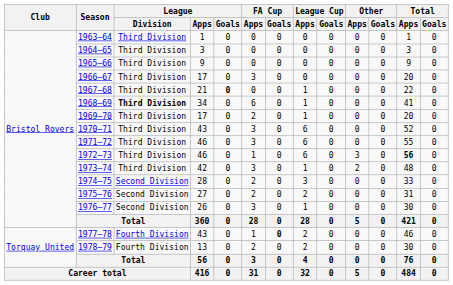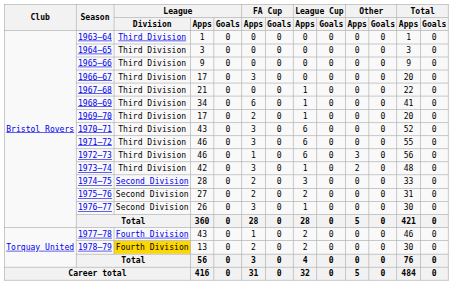 <table class="wikitable" style="text-align:center">
 <tr>
 <th rowspan=2>Club</th>
 <th rowspan=2>Season</th>
 <th colspan=3>League</th>
 <th colspan=2>FA Cup</th>
 <th colspan=2>League Cup</th>
 <th colspan=2>Other</th>
 <th colspan=2>Total</th>
 </tr>
 <tr>
 <th>Division</th>
 <th>Apps</th>
 <th>Goals</th>
 <th>Apps</th>
 <th>Goals</th>
 <th>Apps</th>
 <th>Goals</th>
 <th>Apps</th>
 <th>Goals</th>
 <th>Apps</th>
 <th>Goals</th>
 </tr>
 <tr>
 <td rowspan=15><a href='#'>Bristol Rovers</a></td>
 <td><a href='#'>1963–64</a></td>
 <td><a href='#'>Third Division</a></td>
 <td>1</td>
 <td>0</td>
 <td>0</td>
 <td>0</td>
 <td>0</td>
 <td>0</td>
 <td>0</td>
 <td>0</td>
 <td>1</td>
 <td>0</td>
 </tr>
 <tr>
 <td><a href='#'>1964–65</a></td>
 <td>Third Division</td>
 <td>3</td>
 <td>0</td>
 <td>0</td>
 <td>0</td>
 <td>0</td>
 <td>0</td>
 <td>0</td>
 <td>0</td>
 <td>3</td>
 <td>0</td>
 </tr>
 <tr>
 <td><a href='#'>1965–66</a></td>
 <td>Third Division</td>
 <td>9</td>
 <td>0</td>
 <td>0</td>
 <td>0</td>
 <td>0</td>
 <td>0</td>
 <td>0</td>
 <td>0</td>
 <td>9</td>
 <td>0</td>
 </tr>
 <tr>
 <td><a href='#'>1966–67</a></td>
 <td>Third Division</td>
 <td>17</td>
 <td>0</td>
 <td>3</td>
 <td>0</td>
 <td>0</td>
 <td>0</td>
 <td>0</td>
 <td>0</td>
 <td>20</td>
 <td>0</td>
 </tr>
 <tr>
 <td><a href='#'>1967–68</a></td>
 <td>Third Division</td>
 <td>21</td>
-<td><strong>0</strong></td>
+<td>0</td>
 <td>0</td>
 <td>0</td>
 <td>1</td>
 <td>0</td>
 <td>0</td>
 <td>0</td>
 <td>22</td>
 <td>0</td>
 </tr>
 <tr>
 <td><a href='#'>1968–69</a></td>
-<td><strong>Third Division</strong></td>
+<td>Third Division</td>
 <td>34</td>
 <td>0</td>
 <td>6</td>
 <td>0</td>
 <td>1</td>
 <td>0</td>
 <td>0</td>
 <td>0</td>
 <td>41</td>
 <td>0</td>
 </tr>
 <tr>
 <td><a href='#'>1969–70</a></td>
 <td>Third Division</td>
 <td>17</td>
 <td>0</td>
 <td>2</td>
 <td>0</td>
 <td>1</td>
 <td>0</td>
 <td>0</td>
 <td>0</td>
 <td>20</td>
 <td>0</td>
 </tr>
 <tr>
 <td><a href='#'>1970–71</a></td>
 <td>Third Division</td>
 <td>43</td>
 <td>0</td>
 <td>3</td>
 <td>0</td>
 <td>6</td>
 <td>0</td>
 <td>0</td>
 <td>0</td>
 <td>52</td>
 <td>0</td>
 </tr>
 <tr>
 <td><a href='#'>1971–72</a></td>
 <td>Third Division</td>
 <td>46</td>
 <td>0</td>
 <td>3</td>
 <td>0</td>
 <td>6</td>
 <td>0</td>
 <td>0</td>
 <td>0</td>
 <td>55</td>
 <td>0</td>
 </tr>
 <tr>
 <td><a href='#'>1972–73</a></td>
 <td>Third Division</td>
 <td>46</td>
 <td>0</td>
 <td>1</td>
 <td>0</td>
 <td>6</td>
 <td>0</td>
 <td>3</td>
 <td>0</td>
-<td><strong>56</strong></td>
+<td>56</td>
 <td>0</td>
 </tr>
 <tr>
 <td><a href='#'>1973–74</a></td>
 <td>Third Division</td>
 <td>42</td>
 <td>0</td>
 <td>3</td>
 <td>0</td>
 <td>1</td>
 <td>0</td>
 <td>2</td>
 <td>0</td>
 <td>48</td>
 <td>0</td>
 </tr>
 <tr>
 <td><a href='#'>1974–75</a></td>
 <td><a href='#'>Second Division</a></td>
 <td>28</td>
 <td>0</td>
 <td>2</td>
 <td>0</td>
 <td>3</td>
 <td>0</td>
 <td>0</td>
 <td>0</td>
 <td>33</td>
 <td>0</td>
 </tr>
 <tr>
 <td><a href='#'>1975–76</a></td>
 <td>Second Division</td>
 <td>27</td>
 <td>0</td>
 <td>2</td>
 <td>0</td>
 <td>2</td>
 <td>0</td>
 <td>0</td>
 <td>0</td>
 <td>31</td>
 <td>0</td>
 </tr>
 <tr>
 <td><a href='#'>1976–77</a></td>
 <td>Second Division</td>
 <td>26</td>
 <td>0</td>
 <td>3</td>
 <td>0</td>
 <td>1</td>
 <td>0</td>
 <td>0</td>
 <td>0</td>
 <td>30</td>
 <td>0</td>
 </tr>
 <tr>
 <th colspan=2>Total</th>
 <th>360</th>
 <th>0</th>
 <th>28</th>
 <th>0</th>
 <th>28</th>
 <th>0</th>
 <th>5</th>
 <th>0</th>
 <th>421</th>
 <th>0</th>
 </tr>
 <tr>
 <td rowspan=3><a href='#'>Torquay United</a></td>
 <td><a href='#'>1977–78</a></td>
 <td><a href='#'>Fourth Division</a></td>
 <td>43</td>
 <td>0</td>
 <td>1</td>
-<td><strong>0</strong></td>
+<td>0</td>
 <td>2</td>
 <td>0</td>
 <td>0</td>
 <td>0</td>
 <td>46</td>
 <td>0</td>
 </tr>
 <tr>
 <td><a href='#'>1978–79</a></td>
-<td>Fourth Division</td>
+<td style="background: gold;">Fourth Division</td>
 <td>13</td>
 <td>0</td>
 <td>2</td>
 <td>0</td>
 <td>2</td>
 <td>0</td>
 <td>0</td>
 <td>0</td>
 <td>30</td>
 <td>0</td>
 </tr>
 <tr>
 <th colspan=2>Total</th>
 <th>56</th>
 <th>0</th>
 <th>3</th>
 <th>0</th>
 <th>4</th>
 <th>0</th>
 <th>0</th>
 <th>0</th>
 <th>76</th>
 <th>0</th>
 </tr>
 <tr>
 <th colspan=3>Career total</th>
 <th>416</th>
 <th>0</th>
 <th>31</th>
 <th>0</th>
 <th>32</th>
 <th>0</th>
 <th>5</th>
 <th>0</th>
 <th>484</th>
 <th>0</th>
 </tr>
 </table>
